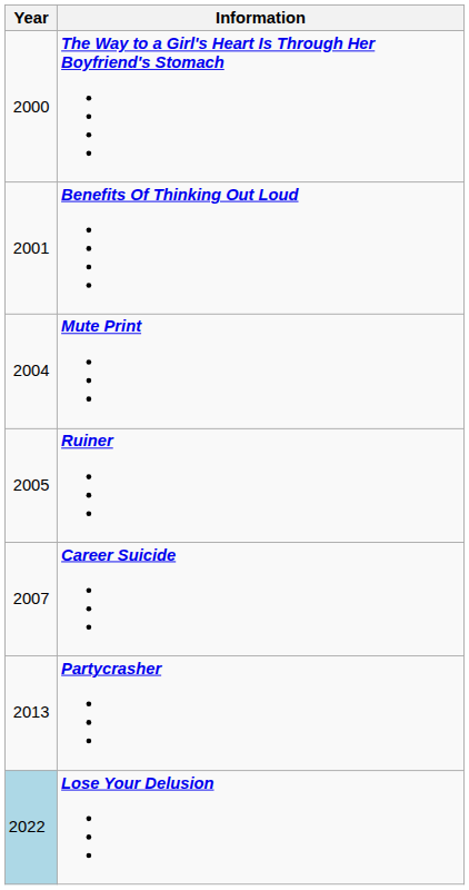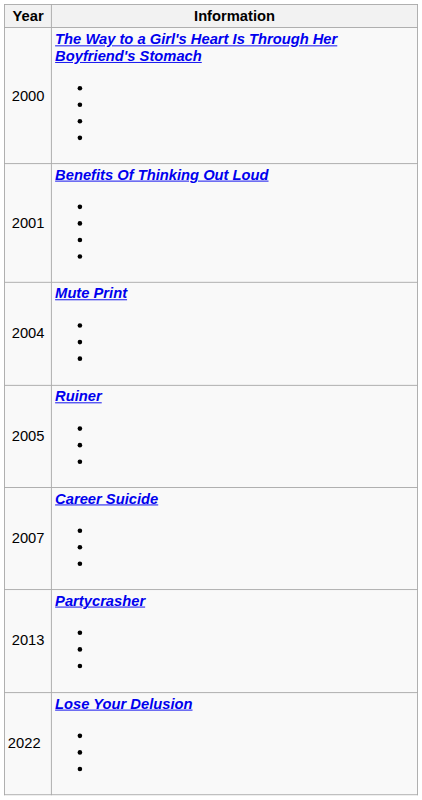 <table class="wikitable">
 <tr>
 <th rowspan="1" width="44">Year</th>
 <th rowspan="1" width="390">Information</th>
 </tr>
 <tr>
 <td align=center width="44">2000</td>
 <td width="390"><strong><em><a href='#'>The Way to a Girl's Heart Is Through Her Boyfriend's Stomach</a></em></strong><br><ul><li></li><li></li><li></li><li></li></ul></td>
 </tr>
 <tr>
 <td align=center width="44">2001</td>
 <td width="390"><strong><em><a href='#'>Benefits Of Thinking Out Loud</a></em></strong><br><ul><li></li><li></li><li></li><li></li></ul></td>
 </tr>
 <tr>
 <td align=center width="44">2004</td>
 <td width="390"><strong><em><a href='#'>Mute Print</a></em></strong><br><ul><li></li><li></li><li></li></ul></td>
 </tr>
 <tr>
 <td align=center width="44">2005</td>
 <td width="390"><strong><em><a href='#'>Ruiner</a></em></strong><br><ul><li></li><li></li><li></li></ul></td>
 </tr>
 <tr>
 <td align=center width="44">2007</td>
 <td width="390"><strong><em><a href='#'>Career Suicide</a></em></strong><br><ul><li></li><li></li><li></li></ul></td>
 </tr>
 <tr>
 <td align=center width="44">2013</td>
 <td width="390"><strong><em><a href='#'>Partycrasher</a></em></strong><br><ul><li></li><li></li><li></li></ul></td>
 </tr>
 <tr>
-<td style="background: lightblue;">2022</td>
+<td>2022</td>
 <td><strong><em><a href='#'>Lose Your Delusion</a></em></strong><br><ul><li></li><li></li><li></li></ul></td>
 </tr>
 </table>
